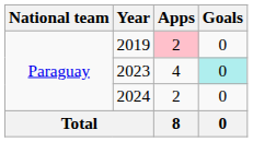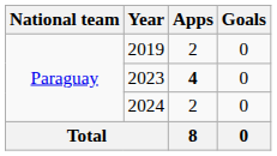 <table class="wikitable" style="text-align:center">
 <tr>
 <th>National team</th>
 <th>Year</th>
 <th>Apps</th>
 <th>Goals</th>
 </tr>
 <tr>
 <td rowspan=3><a href='#'>Paraguay</a></td>
 <td>2019</td>
-<td style="background: pink;">2</td>
+<td>2</td>
 <td>0</td>
 </tr>
 <tr>
 <td>2023</td>
-<td>4</td>
-<td style="background: paleturquoise;">0</td>
+<td><strong>4</strong></td>
+<td>0</td>
 </tr>
 <tr>
 <td>2024</td>
 <td>2</td>
 <td>0</td>
 </tr>
 <tr>
 <th colspan="2">Total</th>
 <th>8</th>
 <th>0</th>
 </tr>
 </table>
